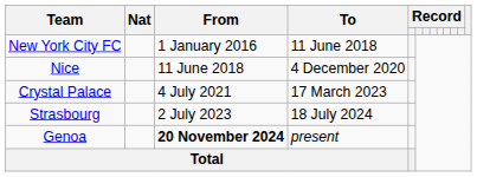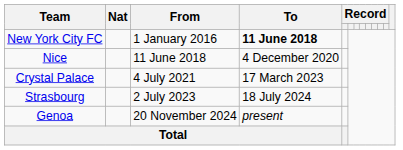 <table class="wikitable" style="text-align:center">
 <tr>
 <th rowspan="2">Team</th>
 <th rowspan="2">Nat</th>
 <th rowspan="2">From</th>
 <th rowspan="2">To</th>
 <th colspan="8">Record</th>
 <th rowspan=2></th>
 </tr>
 <tr>
 <th></th>
 <th></th>
 <th></th>
 <th></th>
 <th></th>
 <th></th>
 <th></th>
 <th></th>
 </tr>
 <tr>
 <td><a href='#'>New York City FC</a></td>
 <td></td>
 <td align=left>1 January 2016</td>
-<td align=left>11 June 2018<br></td>
+<td align=left><strong>11 June 2018<br></strong></td>
 <td></td>
 </tr>
 <tr>
 <td><a href='#'>Nice</a></td>
 <td></td>
 <td align=left>11 June 2018</td>
 <td align=left>4 December 2020<br></td>
 <td></td>
 </tr>
 <tr>
 <td><a href='#'>Crystal Palace</a></td>
 <td></td>
 <td align=left>4 July 2021</td>
 <td align=left>17 March 2023<br></td>
 <td></td>
 </tr>
 <tr>
 <td><a href='#'>Strasbourg</a></td>
 <td></td>
 <td align=left>2 July 2023</td>
 <td align=left>18 July 2024<br></td>
 <td></td>
 </tr>
 <tr>
 <td><a href='#'>Genoa</a></td>
 <td></td>
-<td align=left><strong>20 November 2024</strong></td>
+<td align=left>20 November 2024</td>
 <td align=left><em>present</em><br></td>
 <td></td>
 </tr>
 <tr>
 <th colspan=4>Total<br></th>
 <th></th>
 </tr>
 </table>
